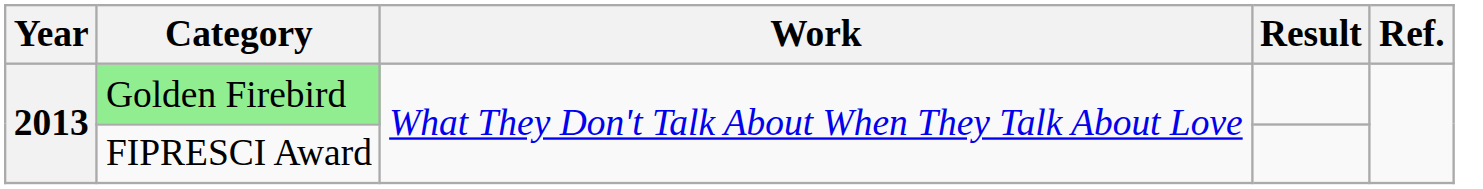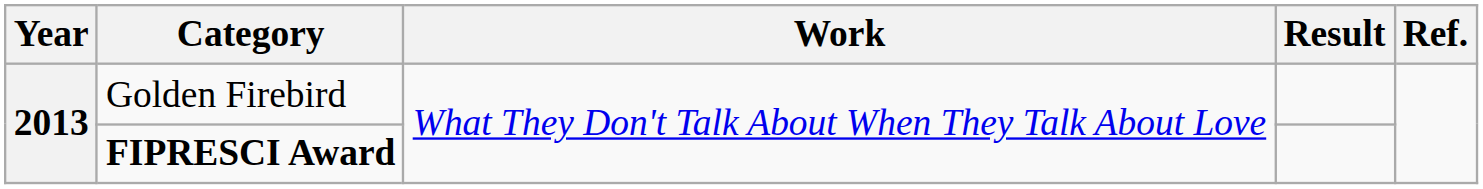 <table class="wikitable plainrowheaders sortable">
 <tr>
 <th>Year</th>
 <th>Category</th>
 <th>Work</th>
 <th>Result</th>
 <th class="unsortable">Ref.</th>
 </tr>
 <tr>
 <th rowspan="2">2013</th>
-<td style="background: lightgreen;">Golden Firebird</td>
+<td>Golden Firebird</td>
 <td rowspan="2"><em><a href='#'>What They Don't Talk About When They Talk About Love</a></em></td>
 <td></td>
 <td rowspan="2"></td>
 </tr>
 <tr>
-<td>FIPRESCI Award</td>
+<td><strong>FIPRESCI Award</strong></td>
 <td></td>
 </tr>
 </table>
